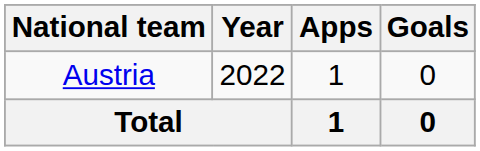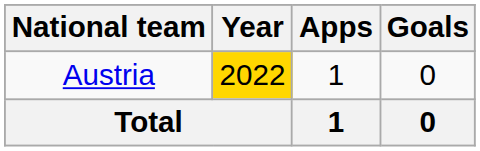 <table class="wikitable" style="text-align:center">
 <tr>
 <th>National team</th>
 <th>Year</th>
 <th>Apps</th>
 <th>Goals</th>
 </tr>
 <tr>
 <td rowspan="1"><a href='#'>Austria</a></td>
-<td>2022</td>
+<td style="background: gold;">2022</td>
 <td>1</td>
 <td>0</td>
 </tr>
 <tr>
 <th colspan="2">Total</th>
 <th>1</th>
 <th>0</th>
 </tr>
 </table>
